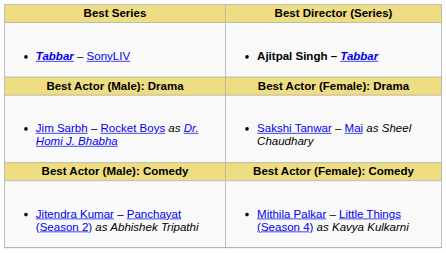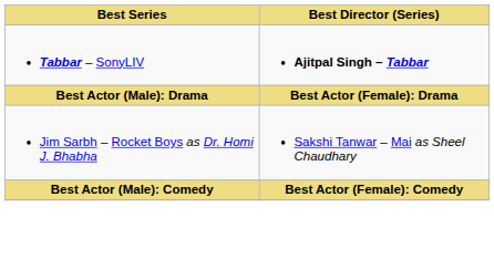 <table class="wikitable">
 <tr>
 <th colspan=1 style="background:#EEDD82;">Best Series</th>
 <th colspan=1 style="background:#EEDD82;">Best Director (Series)</th>
 </tr>
 <tr>
 <td colspan=1><br><ul><li><strong><em><a href='#'>Tabbar</a></em></strong> – <a href='#'>SonyLIV</a></li></ul></td>
 <td colspan=1><br><ul><li><strong>Ajitpal Singh – <em><a href='#'>Tabbar</a><strong><em></li></ul></td>
 </tr>
 <tr>
 <th colspan=1 style="background:#EEDD82;">Best Actor (Male): Drama</th>
 <th colspan=1 style="background:#EEDD82;">Best Actor (Female): Drama</th>
 </tr>
 <tr>
 <td colspan=1><br><ul><li></strong><a href='#'>Jim Sarbh</a> – </em><a href='#'>Rocket Boys</a><em> as <a href='#'>Dr. Homi J. Bhabha</a><strong></li></ul></td>
 <td colspan=1><br><ul><li></strong><a href='#'>Sakshi Tanwar</a> – </em><a href='#'>Mai</a><em> as Sheel Chaudhary<strong></li></ul></td>
 </tr>
 <tr>
 <th colspan=1 style="background:#EEDD82;">Best Actor (Male): Comedy</th>
 <th colspan=1 style="background:#EEDD82;">Best Actor (Female): Comedy</th>
 </tr>
 <tr>
-<td colspan=1><br><ul><li></strong><a href='#'>Jitendra Kumar</a> – </em><a href='#'>Panchayat (Season 2)</a><em> as Abhishek Tripathi<strong></li></ul></td>
-<td colspan=1><br><ul><li></strong><a href='#'>Mithila Palkar</a> – </em><a href='#'>Little Things (Season 4)</a><em> as Kavya Kulkarni<strong></li></ul></td>
-</tr>
-<tr>
 </tr>
 </table>
